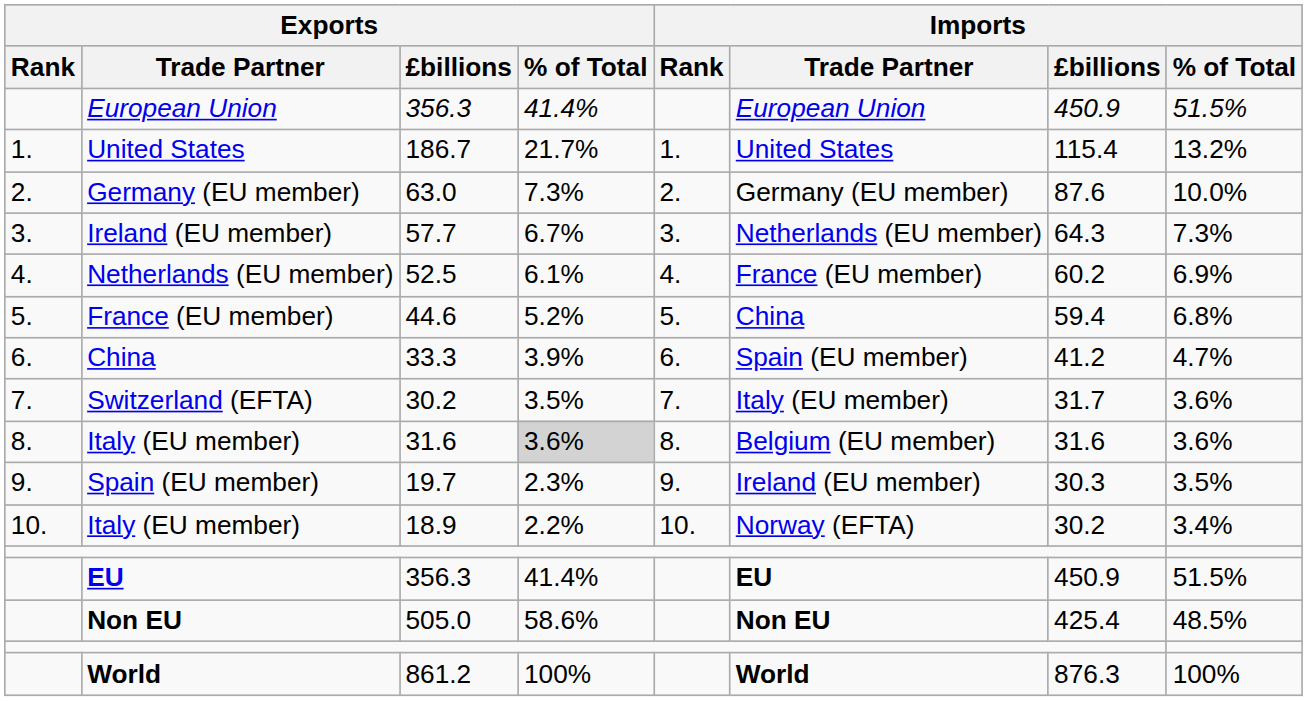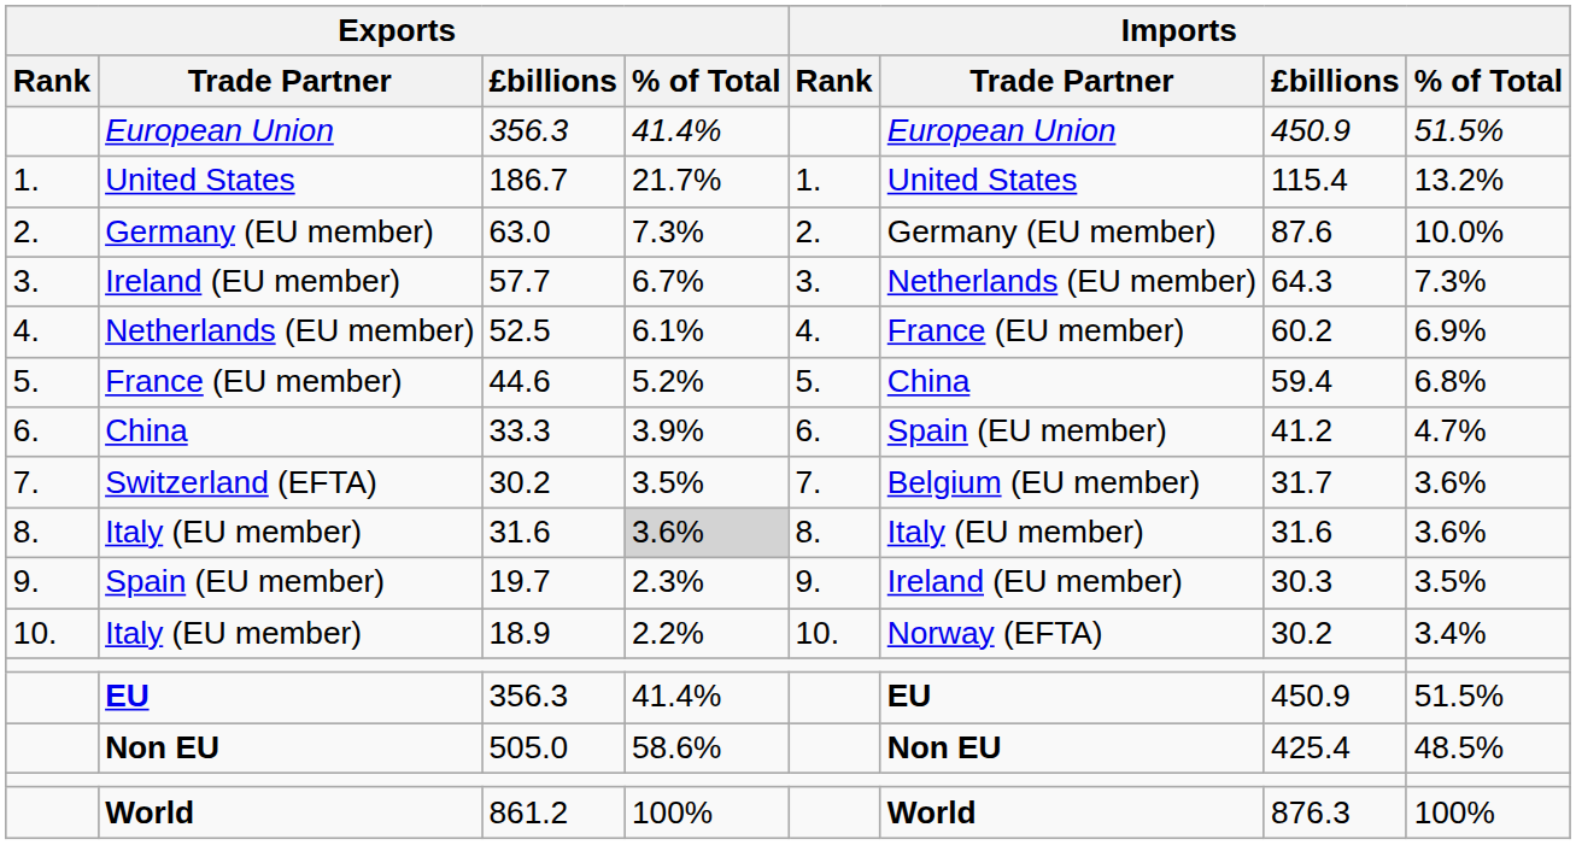 <table class="wikitable">
 <tr>
 <th colspan="4">Exports</th>
 <th colspan="4">Imports</th>
 </tr>
 <tr>
 <th>Rank</th>
 <th>Trade Partner</th>
 <th>£billions</th>
 <th>% of Total</th>
 <th>Rank</th>
 <th>Trade Partner</th>
 <th>£billions</th>
 <th>% of Total</th>
 </tr>
 <tr>
 <td></td>
 <td><em> <a href='#'>European Union</a></em></td>
 <td><em>356.3</em></td>
 <td><em>41.4%</em></td>
 <td></td>
 <td><em> <a href='#'>European Union</a></em></td>
 <td><em>450.9</em></td>
 <td><em>51.5%</em></td>
 </tr>
 <tr>
 <td>1.</td>
 <td> <a href='#'>United States</a></td>
 <td>186.7</td>
 <td>21.7%</td>
 <td>1.</td>
 <td> <a href='#'>United States</a></td>
 <td>115.4</td>
 <td>13.2%</td>
 </tr>
 <tr>
 <td>2.</td>
 <td> <a href='#'>Germany</a> (EU member)</td>
 <td>63.0</td>
 <td>7.3%</td>
 <td>2.</td>
 <td> Germany (EU member)</td>
 <td>87.6</td>
 <td>10.0%</td>
 </tr>
 <tr>
 <td>3.</td>
 <td> <a href='#'>Ireland</a> (EU member)</td>
 <td>57.7</td>
 <td>6.7%</td>
 <td>3.</td>
 <td> <a href='#'>Netherlands</a> (EU member)</td>
 <td>64.3</td>
 <td>7.3%</td>
 </tr>
 <tr>
 <td>4.</td>
 <td> <a href='#'>Netherlands</a> (EU member)</td>
 <td>52.5</td>
 <td>6.1%</td>
 <td>4.</td>
 <td> <a href='#'>France</a> (EU member)</td>
 <td>60.2</td>
 <td>6.9%</td>
 </tr>
 <tr>
 <td>5.</td>
 <td> <a href='#'>France</a> (EU member)</td>
 <td>44.6</td>
 <td>5.2%</td>
 <td>5.</td>
 <td> <a href='#'>China</a></td>
 <td>59.4</td>
 <td>6.8%</td>
 </tr>
 <tr>
 <td>6.</td>
 <td> <a href='#'>China</a></td>
 <td>33.3</td>
 <td>3.9%</td>
 <td>6.</td>
 <td> <a href='#'>Spain</a> (EU member)</td>
 <td>41.2</td>
 <td>4.7%</td>
 </tr>
 <tr>
 <td>7.</td>
 <td> <a href='#'>Switzerland</a> (EFTA)</td>
 <td>30.2</td>
 <td>3.5%</td>
 <td>7.</td>
-<td> <a href='#'>Italy</a> (EU member)</td>
+<td> <a href='#'>Belgium</a> (EU member)</td>
 <td>31.7</td>
 <td>3.6%</td>
 </tr>
 <tr>
 <td>8.</td>
 <td> <a href='#'>Italy</a> (EU member)</td>
 <td>31.6</td>
 <td style="background: lightgrey;">3.6%</td>
 <td>8.</td>
-<td> <a href='#'>Belgium</a> (EU member)</td>
+<td> <a href='#'>Italy</a> (EU member)</td>
 <td>31.6</td>
 <td>3.6%</td>
 </tr>
 <tr>
 <td>9.</td>
 <td> <a href='#'>Spain</a> (EU member)</td>
 <td>19.7</td>
 <td>2.3%</td>
 <td>9.</td>
 <td> <a href='#'>Ireland</a> (EU member)</td>
 <td>30.3</td>
 <td>3.5%</td>
 </tr>
 <tr>
 <td>10.</td>
 <td> <a href='#'>Italy</a> (EU member)</td>
 <td>18.9</td>
 <td>2.2%</td>
 <td>10.</td>
 <td> <a href='#'>Norway</a> (EFTA)</td>
 <td>30.2</td>
 <td>3.4%</td>
 </tr>
 <tr>
 <td colspan="7"></td>
 </tr>
 <tr>
 <td></td>
 <td><strong><a href='#'>EU</a></strong></td>
 <td>356.3</td>
 <td>41.4%</td>
 <td></td>
 <td><strong>EU</strong></td>
 <td>450.9</td>
 <td>51.5%</td>
 </tr>
 <tr>
 <td></td>
 <td><strong>Non EU</strong></td>
 <td>505.0</td>
 <td>58.6%</td>
 <td></td>
 <td><strong>Non EU</strong></td>
 <td>425.4</td>
 <td>48.5%</td>
 </tr>
 <tr>
 <td colspan="7"></td>
 </tr>
 <tr>
 <td></td>
 <td><strong>World</strong></td>
 <td>861.2</td>
 <td>100%</td>
 <td></td>
 <td><strong>World</strong></td>
 <td>876.3</td>
 <td>100%</td>
 </tr>
 </table>
